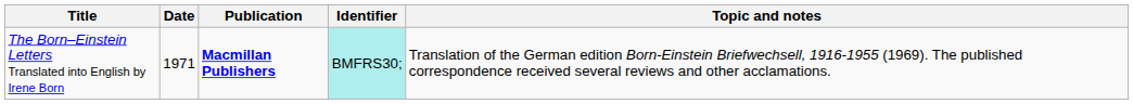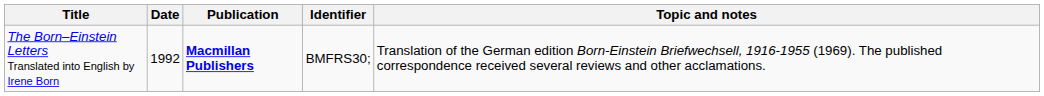 <table class="wikitable sortable" width="auto" style="text-align: left">
 <tr>
 <th>Title</th>
 <th>Date</th>
 <th>Publication</th>
 <th>Identifier</th>
 <th>Topic and notes</th>
 </tr>
 <tr>
 <td><em><a href='#'>The Born–Einstein Letters</a></em><br><small>Translated into English by <a href='#'>Irene Born</a></small></td>
-<td>1971</td>
+<td>1992</td>
 <td><strong><a href='#'>Macmillan Publishers</a></strong></td>
-<td style="background: paleturquoise;">BMFRS30; </td>
+<td>BMFRS30; </td>
 <td>Translation of the German edition <em>Born-Einstein Briefwechsell, 1916-1955</em> (1969). The published correspondence received several reviews and other acclamations.</td>
 </tr>
 </table>
